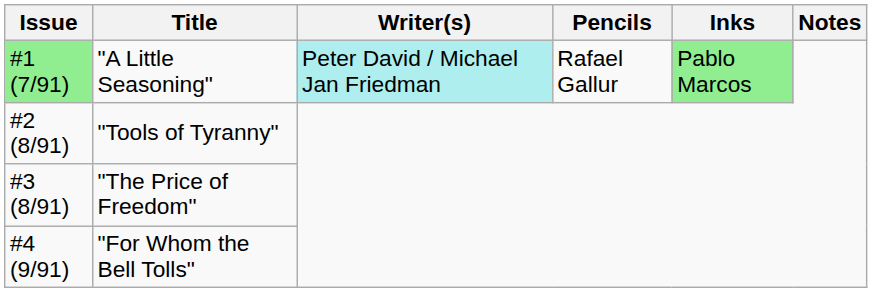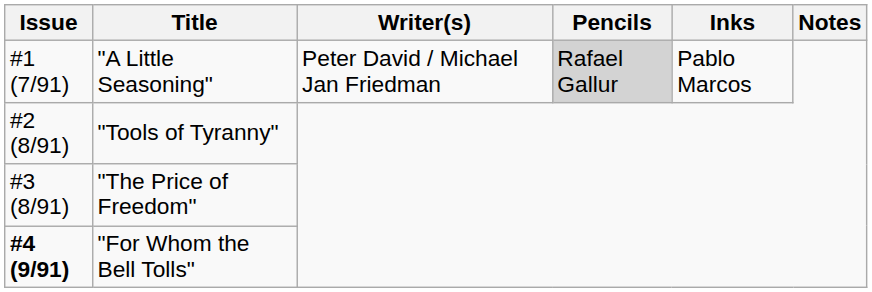 <table class="wikitable">
 <tr>
 <th>Issue</th>
 <th>Title</th>
 <th>Writer(s)</th>
 <th>Pencils</th>
 <th>Inks</th>
 <th>Notes</th>
 </tr>
 <tr>
-<td style="background: lightgreen;">#1 (7/91)</td>
+<td>#1 (7/91)</td>
 <td>"A Little Seasoning"</td>
-<td style="background: paleturquoise;">Peter David / Michael Jan Friedman</td>
-<td>Rafael Gallur</td>
-<td style="background: lightgreen;">Pablo Marcos</td>
+<td>Peter David / Michael Jan Friedman</td>
+<td style="background: lightgrey;">Rafael Gallur</td>
+<td>Pablo Marcos</td>
 </tr>
 <tr>
 <td>#2 (8/91)</td>
 <td>"Tools of Tyranny"</td>
 </tr>
 <tr>
 <td>#3 (8/91)</td>
 <td>"The Price of Freedom"</td>
 </tr>
 <tr>
-<td>#4 (9/91)</td>
+<td><strong>#4 (9/91)</strong></td>
 <td>"For Whom the Bell Tolls"</td>
 </tr>
 </table>
